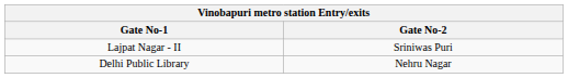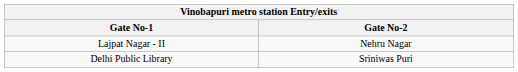 <table class="wikitable" style="text-align: center;" width="65%">
 <tr>
 <th align="center" colspan="5" style="background:#"><span>Vinobapuri metro station Entry/exits</span></th>
 </tr>
 <tr>
 <th style="width:15%;">Gate No-1 </th>
 <th style="width:15%;">Gate No-2</th>
 </tr>
 <tr>
 <td>Lajpat Nagar - II</td>
-<td>Sriniwas Puri</td>
+<td>Nehru Nagar</td>
 </tr>
 <tr>
 <td>Delhi Public Library</td>
-<td>Nehru Nagar</td>
+<td>Sriniwas Puri</td>
 </tr>
 </table>
